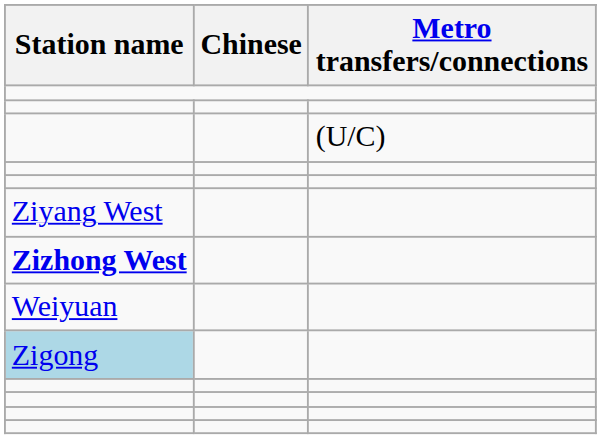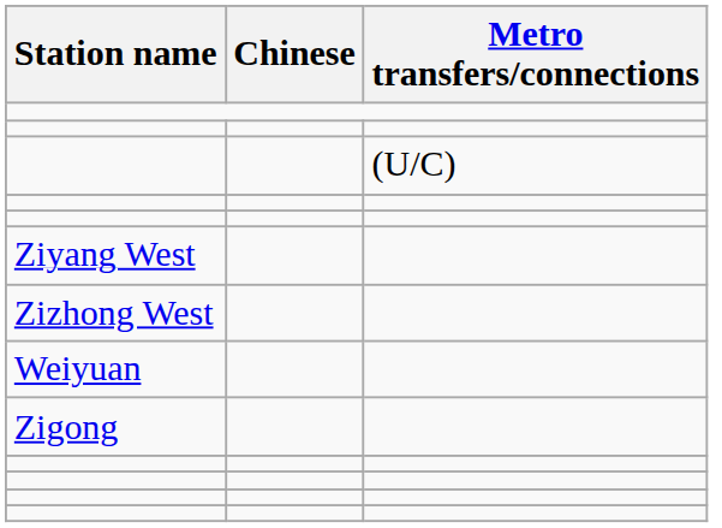 <table class="wikitable">
 <tr>
 <th>Station name</th>
 <th>Chinese<br></th>
 <th><a href='#'>Metro</a><br>transfers/connections<br> </th>
 </tr>
 <tr style="background:#">
 <td colspan = "11"></td>
 </tr>
 <tr>
 <td></td>
 <td></td>
 <td>  </td>
 </tr>
 <tr>
 <td></td>
 <td></td>
 <td>   (U/C)</td>
 </tr>
 <tr>
 <td></td>
 <td></td>
 <td></td>
 </tr>
 <tr>
 <td></td>
 <td></td>
 <td> </td>
 </tr>
 <tr>
 <td><a href='#'>Ziyang West</a></td>
 <td></td>
 <td></td>
 </tr>
 <tr>
-<td><strong><a href='#'>Zizhong West</a></strong></td>
+<td><a href='#'>Zizhong West</a></td>
 <td></td>
 <td></td>
 </tr>
 <tr>
 <td><a href='#'>Weiyuan</a></td>
 <td></td>
 <td></td>
 </tr>
 <tr>
-<td style="background: lightblue;"><a href='#'>Zigong</a></td>
+<td><a href='#'>Zigong</a></td>
 <td></td>
 <td></td>
 </tr>
 <tr>
 <td></td>
 <td></td>
 <td></td>
 </tr>
 <tr>
 <td></td>
 <td></td>
 <td></td>
 </tr>
 <tr>
 <td></td>
 <td></td>
 <td></td>
 </tr>
 <tr>
 <td></td>
 <td></td>
 <td></td>
 </tr>
 </table>
